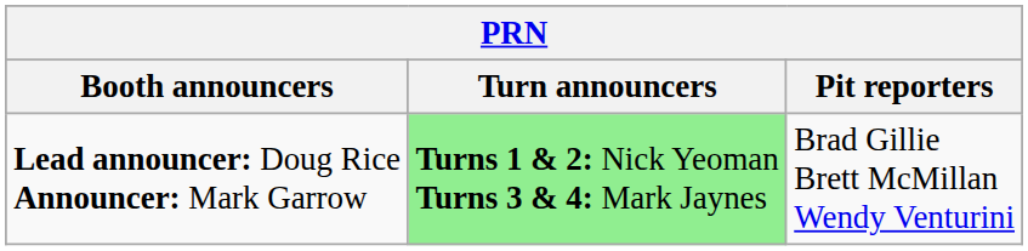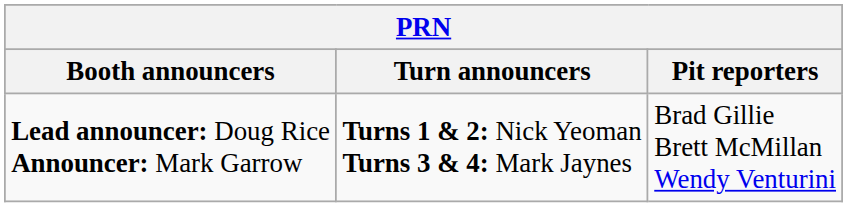 <table class="wikitable" style="font-size: 95%;">
 <tr>
 <th colspan="3"><a href='#'>PRN</a></th>
 </tr>
 <tr>
 <th>Booth announcers</th>
 <th>Turn announcers</th>
 <th>Pit reporters</th>
 </tr>
 <tr>
 <td><strong>Lead announcer:</strong> Doug Rice<br><strong>Announcer:</strong> Mark Garrow</td>
-<td style="background: lightgreen;"><strong>Turns 1 & 2:</strong> Nick Yeoman<br><strong>Turns 3 & 4:</strong> Mark Jaynes</td>
+<td><strong>Turns 1 & 2:</strong> Nick Yeoman<br><strong>Turns 3 & 4:</strong> Mark Jaynes</td>
 <td>Brad Gillie<br>Brett McMillan<br><a href='#'>Wendy Venturini</a></td>
 </tr>
 </table>
